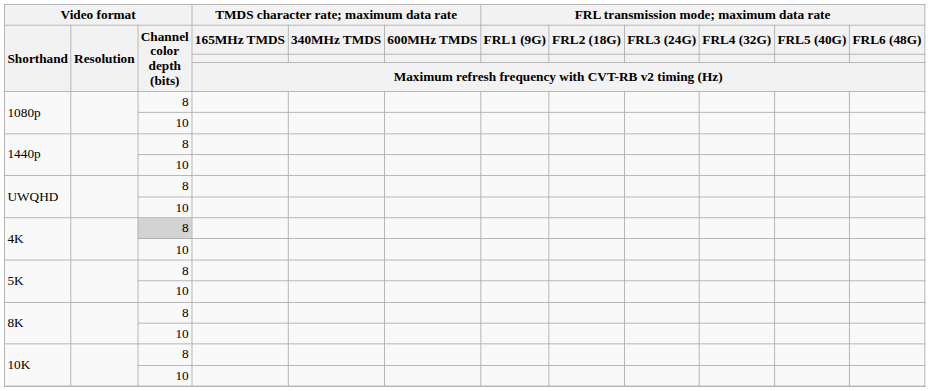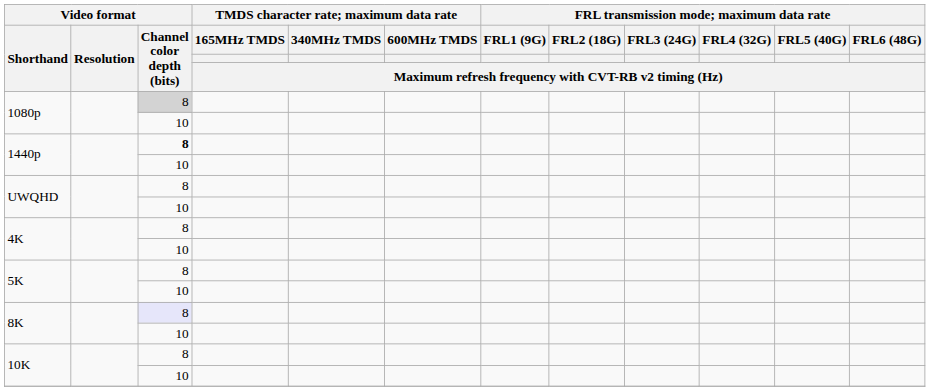 <table class="wikitable">
 <tr>
 <th colspan="3">Video format</th>
 <th colspan="3">TMDS character rate; maximum data rate</th>
 <th colspan="6">FRL transmission mode; maximum data rate</th>
 </tr>
 <tr>
 <th rowspan="3">Shorthand</th>
 <th rowspan="3">Resolution</th>
 <th rowspan="3">Channel <br>color <br>depth <br>(bits)</th>
 <th>165MHz TMDS</th>
 <th>340MHz TMDS</th>
 <th>600MHz TMDS</th>
 <th>FRL1 (9G)</th>
 <th>FRL2 (18G)</th>
 <th>FRL3 (24G)</th>
 <th>FRL4 (32G)</th>
 <th>FRL5 (40G)</th>
 <th>FRL6 (48G)</th>
 </tr>
 <tr>
 <th></th>
 <th></th>
 <th></th>
 <th></th>
 <th></th>
 <th></th>
 <th></th>
 <th></th>
 <th></th>
 </tr>
 <tr>
 <th colspan="9">Maximum refresh frequency with CVT-RB v2 timing (Hz)</th>
 </tr>
 <tr>
 <td rowspan="2">1080p</td>
 <td rowspan="2"></td>
-<td style="text-align:right;">8</td>
+<td style="background: lightgrey; text-align:right;">8</td>
 <td></td>
 <td></td>
 <td></td>
 <td></td>
 <td></td>
 <td></td>
 <td></td>
 <td></td>
 <td></td>
 </tr>
 <tr>
 <td style="text-align:right;">10</td>
 <td></td>
 <td></td>
 <td></td>
 <td></td>
 <td></td>
 <td></td>
 <td></td>
 <td></td>
 <td></td>
 </tr>
 <tr>
 <td rowspan="2">1440p</td>
 <td rowspan="2"></td>
-<td style="text-align:right;">8</td>
+<td style="text-align:right;"><strong>8</strong></td>
 <td></td>
 <td></td>
 <td></td>
 <td></td>
 <td></td>
 <td></td>
 <td></td>
 <td></td>
 <td></td>
 </tr>
 <tr>
 <td style="text-align:right;">10</td>
 <td></td>
 <td></td>
 <td></td>
 <td></td>
 <td></td>
 <td></td>
 <td></td>
 <td></td>
 <td></td>
 </tr>
 <tr>
 <td rowspan="2">UWQHD</td>
 <td rowspan="2"></td>
 <td style="text-align:right;">8</td>
 <td></td>
 <td></td>
 <td></td>
 <td></td>
 <td></td>
 <td></td>
 <td></td>
 <td></td>
 <td></td>
 </tr>
 <tr>
 <td style="text-align:right;">10</td>
 <td></td>
 <td></td>
 <td></td>
 <td></td>
 <td></td>
 <td></td>
 <td></td>
 <td></td>
 <td></td>
 </tr>
 <tr>
 <td rowspan="2">4K</td>
 <td rowspan="2"></td>
-<td style="background: lightgrey; text-align:right;">8</td>
+<td style="text-align:right;">8</td>
 <td></td>
 <td></td>
 <td></td>
 <td></td>
 <td></td>
 <td></td>
 <td></td>
 <td></td>
 <td></td>
 </tr>
 <tr>
 <td style="text-align:right;">10</td>
 <td></td>
 <td></td>
 <td></td>
 <td></td>
 <td></td>
 <td></td>
 <td></td>
 <td></td>
 <td></td>
 </tr>
 <tr>
 <td rowspan="2">5K</td>
 <td rowspan="2"></td>
 <td style="text-align:right;">8</td>
 <td></td>
 <td></td>
 <td></td>
 <td></td>
 <td></td>
 <td></td>
 <td></td>
 <td></td>
 <td></td>
 </tr>
 <tr>
 <td style="text-align:right;">10</td>
 <td></td>
 <td></td>
 <td></td>
 <td></td>
 <td></td>
 <td></td>
 <td></td>
 <td></td>
 <td></td>
 </tr>
 <tr>
 <td rowspan="2">8K</td>
 <td rowspan="2"></td>
-<td style="text-align:right;">8</td>
+<td style="background: lavender; text-align:right;">8</td>
 <td></td>
 <td></td>
 <td></td>
 <td></td>
 <td></td>
 <td></td>
 <td></td>
 <td></td>
 <td></td>
 </tr>
 <tr>
 <td style="text-align:right;">10</td>
 <td></td>
 <td></td>
 <td></td>
 <td></td>
 <td></td>
 <td></td>
 <td></td>
 <td></td>
 <td></td>
 </tr>
 <tr>
 <td rowspan="2">10K</td>
 <td rowspan="2"></td>
 <td style="text-align:right;">8</td>
 <td></td>
 <td></td>
 <td></td>
 <td></td>
 <td></td>
 <td></td>
 <td></td>
 <td></td>
 <td></td>
 </tr>
 <tr>
 <td style="text-align:right;">10</td>
 <td></td>
 <td></td>
 <td></td>
 <td></td>
 <td></td>
 <td></td>
 <td></td>
 <td></td>
 <td></td>
 </tr>
 <tr>
 </tr>
 </table>
